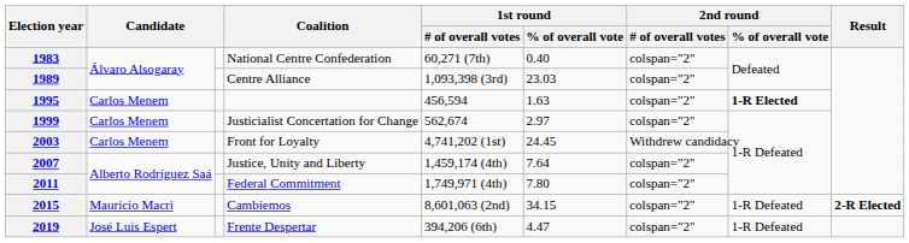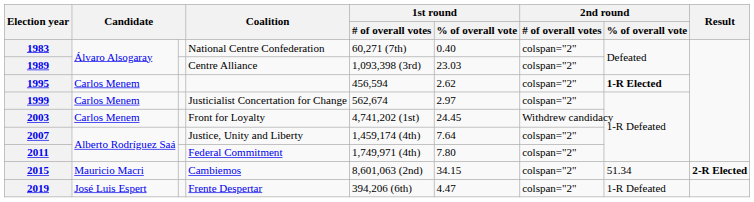 <table class=wikitable>
 <tr>
 <th rowspan=2>Election year</th>
 <th rowspan=2 colspan=2>Candidate</th>
 <th rowspan=2>Coalition</th>
 <th colspan=2>1st round</th>
 <th colspan=2>2nd round</th>
 <th rowspan=2>Result</th>
 </tr>
 <tr>
 <th># of overall votes</th>
 <th>% of overall vote</th>
 <th># of overall votes</th>
 <th>% of overall vote</th>
 </tr>
 <tr>
 <th><a href='#'>1983</a></th>
 <td rowspan="2"><a href='#'>Álvaro Alsogaray</a></td>
 <td bgcolor=> </td>
 <td>National Centre Confederation</td>
 <td>60,271 (7th)</td>
 <td>0.40</td>
 <td>colspan="2" </td>
 <td rowspan="2"> Defeated</td>
 </tr>
 <tr>
 <th><a href='#'>1989</a></th>
 <td bgcolor=> </td>
 <td>Centre Alliance</td>
 <td>1,093,398 (3rd)</td>
 <td>23.03</td>
 <td>colspan="2" </td>
 </tr>
 <tr>
 <th><a href='#'>1995</a></th>
 <td><a href='#'>Carlos Menem</a></td>
 <td bgcolor=> </td>
 <td></td>
 <td>456,594</td>
-<td>1.63</td>
+<td>2.62</td>
 <td>colspan="2" </td>
 <td> <strong>1-R Elected</strong></td>
 </tr>
 <tr>
 <th><a href='#'>1999</a></th>
 <td><a href='#'>Carlos Menem</a></td>
 <td bgcolor=> </td>
 <td>Justicialist Concertation for Change</td>
 <td>562,674</td>
 <td>2.97</td>
 <td>colspan="2" </td>
 <td rowspan="4"> 1-R Defeated</td>
 </tr>
 <tr>
 <th><a href='#'>2003</a></th>
 <td><a href='#'>Carlos Menem</a></td>
 <td bgcolor=> </td>
 <td>Front for Loyalty</td>
 <td>4,741,202 (1st)</td>
 <td>24.45</td>
 <td colspan="2">Withdrew candidacy</td>
 </tr>
 <tr>
 <th><a href='#'>2007</a></th>
 <td rowspan="2"><a href='#'>Alberto Rodríguez Saá</a></td>
 <td bgcolor=> </td>
 <td>Justice, Unity and Liberty</td>
 <td>1,459,174 (4th)</td>
 <td>7.64</td>
 <td>colspan="2" </td>
 </tr>
 <tr>
 <th><a href='#'>2011</a></th>
 <td bgcolor=> </td>
 <td><a href='#'>Federal Commitment</a></td>
 <td>1,749,971 (4th)</td>
 <td>7.80</td>
 <td>colspan="2" </td>
 </tr>
 <tr>
 <th><a href='#'>2015</a></th>
 <td><a href='#'>Mauricio Macri</a></td>
 <td bgcolor=> </td>
 <td><a href='#'>Cambiemos</a></td>
 <td>8,601,063 (2nd)</td>
 <td>34.15</td>
 <td>colspan="2" </td>
-<td> 1-R Defeated</td>
+<td>51.34</td>
 <td> <strong>2-R Elected</strong></td>
 </tr>
 <tr>
 <th><a href='#'>2019</a></th>
 <td><a href='#'>José Luis Espert</a></td>
 <td bgcolor=> </td>
 <td><a href='#'>Frente Despertar</a></td>
 <td>394,206 (6th)</td>
 <td>4.47</td>
 <td>colspan="2" </td>
 <td> 1-R Defeated</td>
 </tr>
 </table>
